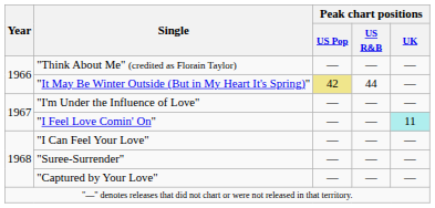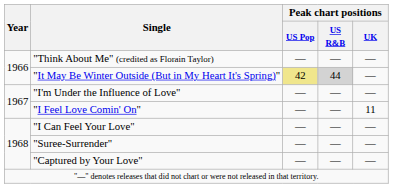 <table class="wikitable">
 <tr>
 <th scope="col" rowspan="2">Year</th>
 <th scope="col" rowspan="2">Single</th>
 <th scope="col" colspan="3">Peak chart positions</th>
 </tr>
 <tr>
 <th style="width:45px;"><small><a href='#'>US Pop</a></small><br></th>
 <th style="width:45px;"><small><a href='#'>US R&B</a></small><br></th>
 <th style="width:45px;"><small><a href='#'>UK</a></small><br></th>
 </tr>
 <tr>
 <td rowspan="2">1966</td>
 <td>"Think About Me" <small>(credited as Florain Taylor)</small></td>
 <td align=center>―</td>
 <td align=center>―</td>
 <td align=center>―</td>
 </tr>
 <tr>
 <td>"<a href='#'>It May Be Winter Outside (But in My Heart It's Spring)</a>"</td>
 <td align=center style="background: khaki;">42</td>
-<td align=center>44</td>
+<td align=center style="background: lightgrey;">44</td>
 <td align=center>—</td>
 </tr>
 <tr>
 <td rowspan="2">1967</td>
 <td>"I'm Under the Influence of Love"</td>
 <td align=center>—</td>
 <td align=center>―</td>
 <td align=center>―</td>
 </tr>
 <tr>
 <td>"<a href='#'>I Feel Love Comin' On</a>"</td>
 <td align=center>—</td>
 <td align=center>―</td>
-<td align=center style="background: paleturquoise;">11</td>
+<td align=center>11</td>
 </tr>
 <tr>
 <td rowspan="3">1968</td>
 <td>"I Can Feel Your Love"</td>
 <td align=center>―</td>
 <td align=center>―</td>
 <td align=center>―</td>
 </tr>
 <tr>
 <td>"Suree-Surrender"</td>
 <td align=center>―</td>
 <td align=center>―</td>
 <td align=center>―</td>
 </tr>
 <tr>
 <td>"Captured by Your Love"</td>
 <td align=center>―</td>
 <td align=center>―</td>
 <td align=center>―</td>
 </tr>
 <tr>
 <td colspan="6" style="text-align:center; font-size:9pt;">"—" denotes releases that did not chart or were not released in that territory.</td>
 </tr>
 </table>
